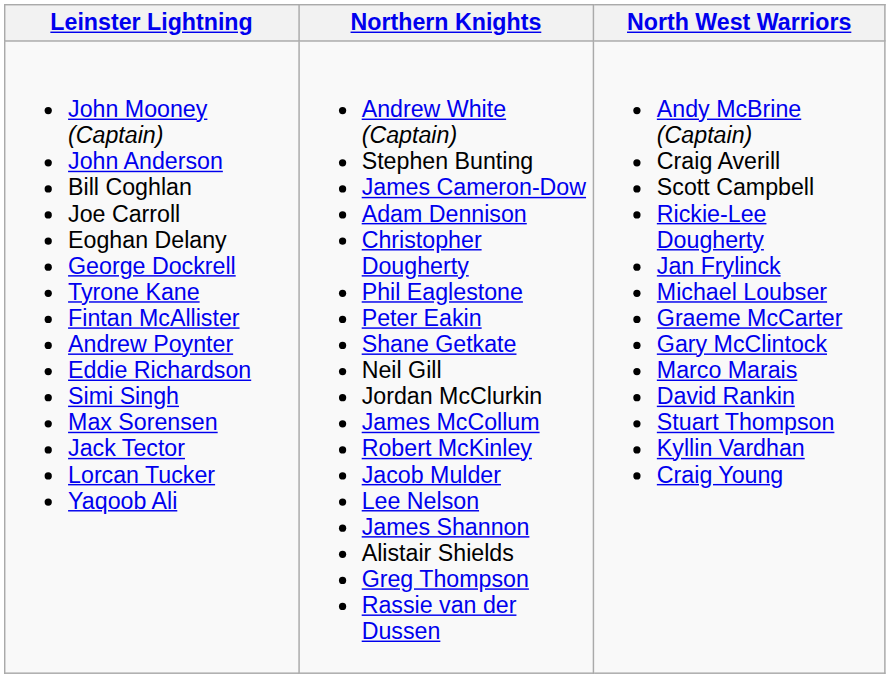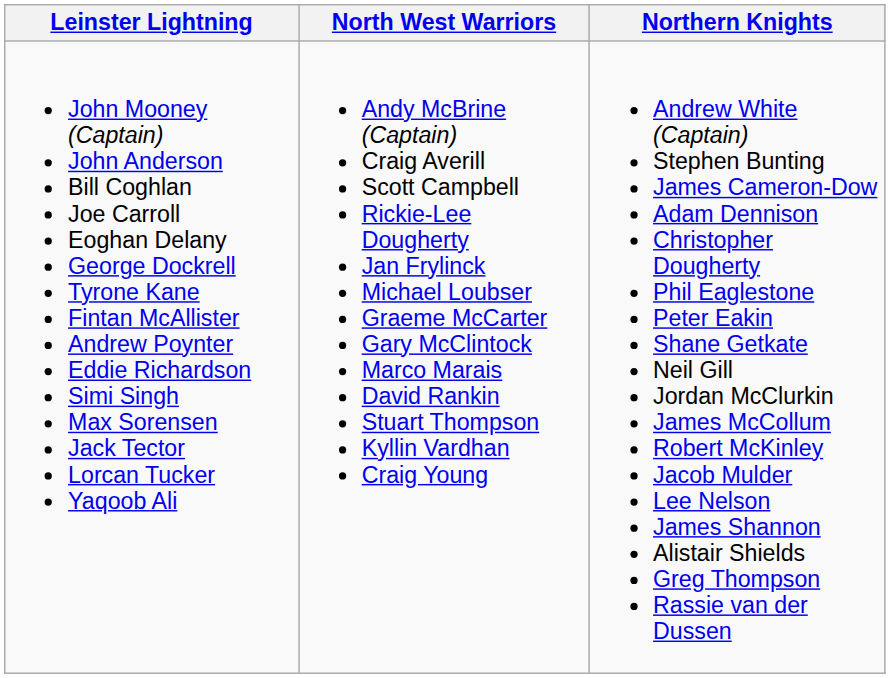 <table class="wikitable">
 <tr>
 <th width=300><a href='#'>Leinster Lightning</a></th>
+<th width=300><a href='#'>North West Warriors</a></th>
 <th width=300><a href='#'>Northern Knights</a></th>
-<th width=300><a href='#'>North West Warriors</a></th>
 </tr>
 <tr>
 <td valign=top><br><ul><li><a href='#'>John Mooney</a> <em>(Captain)</em></li><li><a href='#'>John Anderson</a></li><li>Bill Coghlan</li><li>Joe Carroll</li><li>Eoghan Delany</li><li><a href='#'>George Dockrell</a></li><li><a href='#'>Tyrone Kane</a></li><li><a href='#'>Fintan McAllister</a></li><li><a href='#'>Andrew Poynter</a></li><li><a href='#'>Eddie Richardson</a></li><li><a href='#'>Simi Singh</a></li><li><a href='#'>Max Sorensen</a></li><li><a href='#'>Jack Tector</a></li><li><a href='#'>Lorcan Tucker</a></li><li><a href='#'>Yaqoob Ali</a></li></ul></td>
+<td valign=top><br><ul><li><a href='#'>Andy McBrine</a> <em>(Captain)</em></li><li>Craig Averill</li><li>Scott Campbell</li><li><a href='#'>Rickie-Lee Dougherty</a></li><li><a href='#'>Jan Frylinck</a></li><li><a href='#'>Michael Loubser</a></li><li><a href='#'>Graeme McCarter</a></li><li><a href='#'>Gary McClintock</a></li><li><a href='#'>Marco Marais</a></li><li><a href='#'>David Rankin</a></li><li><a href='#'>Stuart Thompson</a></li><li><a href='#'>Kyllin Vardhan</a></li><li><a href='#'>Craig Young</a></li></ul></td>
 <td valign=top><br><ul><li><a href='#'>Andrew White</a> <em>(Captain)</em></li><li>Stephen Bunting</li><li><a href='#'>James Cameron-Dow</a></li><li><a href='#'>Adam Dennison</a></li><li><a href='#'>Christopher Dougherty</a></li><li><a href='#'>Phil Eaglestone</a></li><li><a href='#'>Peter Eakin</a></li><li><a href='#'>Shane Getkate</a></li><li>Neil Gill</li><li>Jordan McClurkin</li><li><a href='#'>James McCollum</a></li><li><a href='#'>Robert McKinley</a></li><li><a href='#'>Jacob Mulder</a></li><li><a href='#'>Lee Nelson</a></li><li><a href='#'>James Shannon</a></li><li>Alistair Shields</li><li><a href='#'>Greg Thompson</a></li><li><a href='#'>Rassie van der Dussen</a></li></ul></td>
-<td valign=top><br><ul><li><a href='#'>Andy McBrine</a> <em>(Captain)</em></li><li>Craig Averill</li><li>Scott Campbell</li><li><a href='#'>Rickie-Lee Dougherty</a></li><li><a href='#'>Jan Frylinck</a></li><li><a href='#'>Michael Loubser</a></li><li><a href='#'>Graeme McCarter</a></li><li><a href='#'>Gary McClintock</a></li><li><a href='#'>Marco Marais</a></li><li><a href='#'>David Rankin</a></li><li><a href='#'>Stuart Thompson</a></li><li><a href='#'>Kyllin Vardhan</a></li><li><a href='#'>Craig Young</a></li></ul></td>
 </tr>
 </table>
